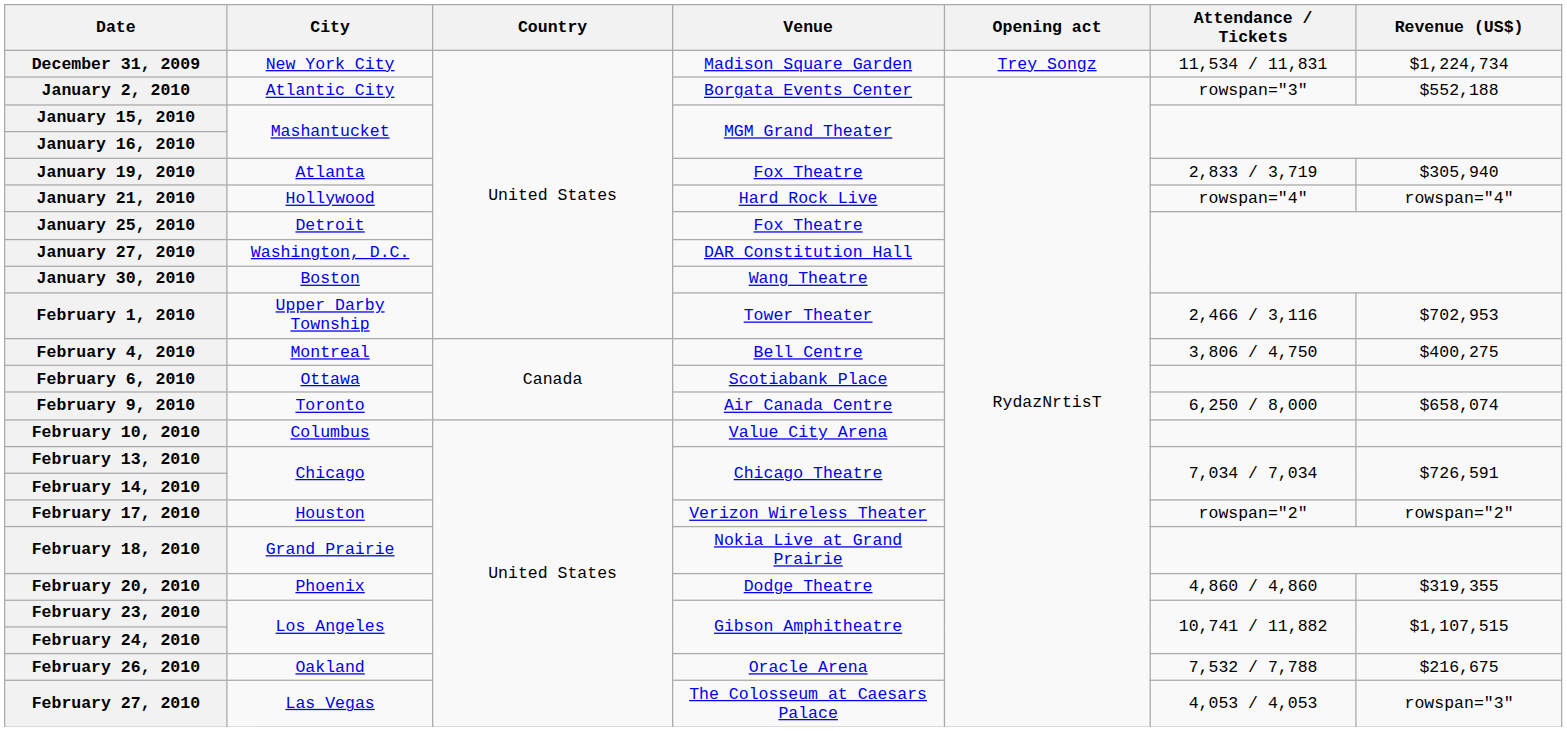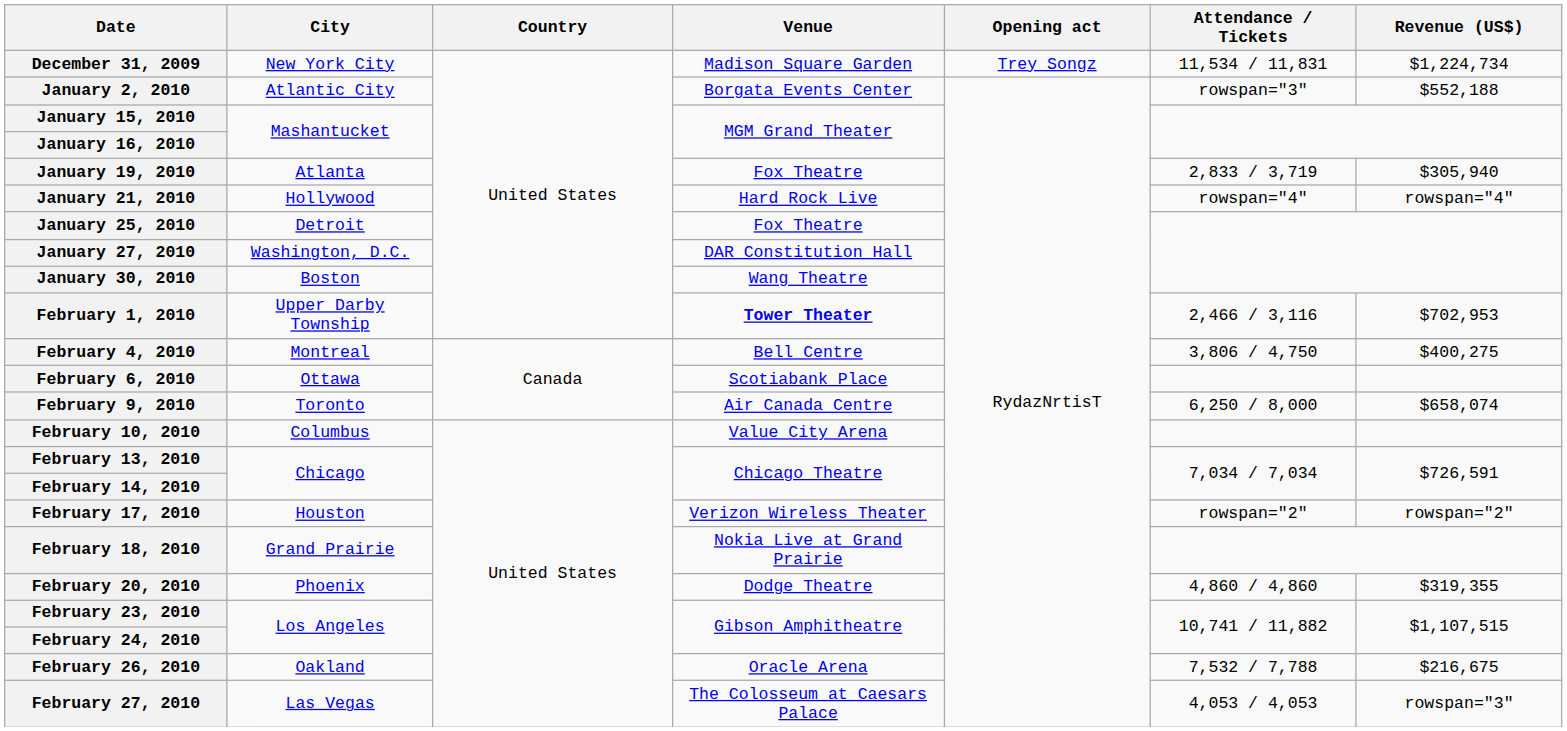 <table class="wikitable plainrowheaders" style="text-align:center;">
 <tr>
 <th scope="col" style="width:13em;">Date</th>
 <th scope="col" style="width:12em;">City</th>
 <th scope="col" style="width:14em;">Country</th>
 <th scope="col" style="width:16em;">Venue</th>
 <th scope="col" style="width:12em;">Opening act</th>
 <th scope="col" style="width:12em;">Attendance / Tickets</th>
 <th scope="col" style="width:12em;">Revenue (US$)</th>
 </tr>
 <tr>
 <th scope="row">December 31, 2009</th>
 <td><a href='#'>New York City</a></td>
 <td rowspan="10">United States</td>
 <td><a href='#'>Madison Square Garden</a></td>
 <td><a href='#'>Trey Songz</a></td>
 <td>11,534 / 11,831</td>
 <td>$1,224,734</td>
 </tr>
 <tr>
 <th scope="row">January 2, 2010</th>
 <td><a href='#'>Atlantic City</a></td>
 <td><a href='#'>Borgata Events Center</a></td>
 <td rowspan="22">RydazNrtisT</td>
 <td>rowspan="3" </td>
 <td>$552,188</td>
 </tr>
 <tr>
 <th scope="row">January 15, 2010</th>
 <td rowspan="2"><a href='#'>Mashantucket</a></td>
 <td rowspan="2"><a href='#'>MGM Grand Theater</a></td>
 </tr>
 <tr>
 <th scope="row">January 16, 2010</th>
 </tr>
 <tr>
 <th scope="row">January 19, 2010</th>
 <td><a href='#'>Atlanta</a></td>
 <td><a href='#'>Fox Theatre</a></td>
 <td>2,833 / 3,719</td>
 <td>$305,940</td>
 </tr>
 <tr>
 <th scope="row">January 21, 2010</th>
 <td><a href='#'>Hollywood</a></td>
 <td><a href='#'>Hard Rock Live</a></td>
 <td>rowspan="4" </td>
 <td>rowspan="4" </td>
 </tr>
 <tr>
 <th scope="row">January 25, 2010</th>
 <td><a href='#'>Detroit</a></td>
 <td><a href='#'>Fox Theatre</a></td>
 </tr>
 <tr>
 <th scope="row">January 27, 2010</th>
 <td><a href='#'>Washington, D.C.</a></td>
 <td><a href='#'>DAR Constitution Hall</a></td>
 </tr>
 <tr>
 <th scope="row">January 30, 2010</th>
 <td><a href='#'>Boston</a></td>
 <td><a href='#'>Wang Theatre</a></td>
 </tr>
 <tr>
 <th scope="row">February 1, 2010</th>
 <td><a href='#'>Upper Darby Township</a></td>
-<td><a href='#'>Tower Theater</a></td>
+<td><strong><a href='#'>Tower Theater</a></strong></td>
 <td>2,466 / 3,116</td>
 <td>$702,953</td>
 </tr>
 <tr>
 <th scope="row">February 4, 2010</th>
 <td><a href='#'>Montreal</a></td>
 <td rowspan="3">Canada</td>
 <td><a href='#'>Bell Centre</a></td>
 <td>3,806 / 4,750</td>
 <td>$400,275</td>
 </tr>
 <tr>
 <th scope="row">February 6, 2010</th>
 <td><a href='#'>Ottawa</a></td>
 <td><a href='#'>Scotiabank Place</a></td>
 <td></td>
 <td></td>
 </tr>
 <tr>
 <th scope="row">February 9, 2010</th>
 <td><a href='#'>Toronto</a></td>
 <td><a href='#'>Air Canada Centre</a></td>
 <td>6,250 / 8,000</td>
 <td>$658,074</td>
 </tr>
 <tr>
 <th scope="row">February 10, 2010</th>
 <td><a href='#'>Columbus</a></td>
 <td rowspan="10">United States</td>
 <td><a href='#'>Value City Arena</a></td>
 <td></td>
 <td></td>
 </tr>
 <tr>
 <th scope="row">February 13, 2010</th>
 <td rowspan="2"><a href='#'>Chicago</a></td>
 <td rowspan="2"><a href='#'>Chicago Theatre</a></td>
 <td rowspan="2">7,034 / 7,034</td>
 <td rowspan="2">$726,591</td>
 </tr>
 <tr>
 <th scope="row">February 14, 2010</th>
 </tr>
 <tr>
 <th scope="row">February 17, 2010</th>
 <td><a href='#'>Houston</a></td>
 <td><a href='#'>Verizon Wireless Theater</a></td>
 <td>rowspan="2" </td>
 <td>rowspan="2" </td>
 </tr>
 <tr>
 <th scope="row">February 18, 2010</th>
 <td><a href='#'>Grand Prairie</a></td>
 <td><a href='#'>Nokia Live at Grand Prairie</a></td>
 </tr>
 <tr>
 <th scope="row">February 20, 2010</th>
 <td><a href='#'>Phoenix</a></td>
 <td><a href='#'>Dodge Theatre</a></td>
 <td>4,860 / 4,860</td>
 <td>$319,355</td>
 </tr>
 <tr>
 <th scope="row">February 23, 2010</th>
 <td rowspan="2"><a href='#'>Los Angeles</a></td>
 <td rowspan="2"><a href='#'>Gibson Amphitheatre</a></td>
 <td rowspan="2">10,741 / 11,882</td>
 <td rowspan="2">$1,107,515</td>
 </tr>
 <tr>
 <th scope="row">February 24, 2010</th>
 </tr>
 <tr>
 <th scope="row">February 26, 2010</th>
 <td><a href='#'>Oakland</a></td>
 <td><a href='#'>Oracle Arena</a></td>
 <td>7,532 / 7,788</td>
 <td>$216,675</td>
 </tr>
 <tr>
 <th scope="row">February 27, 2010</th>
 <td><a href='#'>Las Vegas</a></td>
 <td><a href='#'>The Colosseum at Caesars Palace</a></td>
 <td>4,053 / 4,053</td>
 <td>rowspan="3" </td>
 </tr>
 </table>
